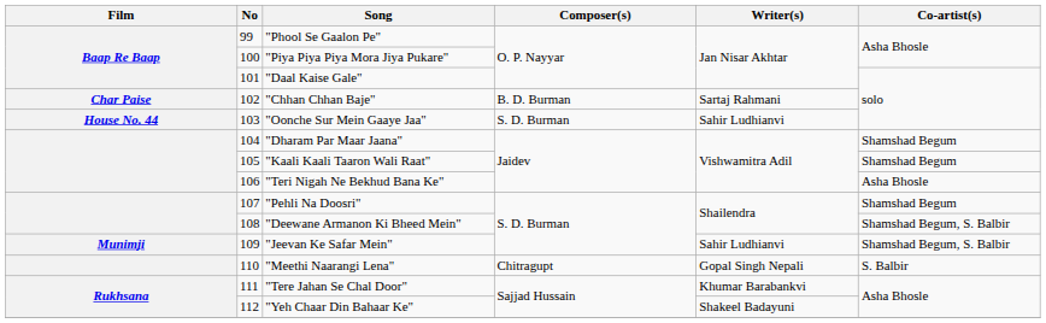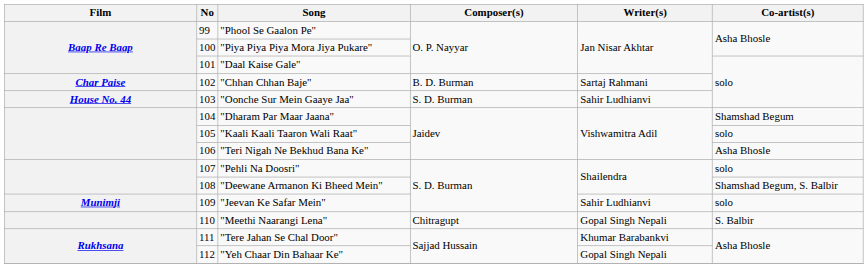 <table class="wikitable plainrowheaders" width="100%" textcolor:#000;">
 <tr style="background:#b0e0e66;">
 <th scope="col" width=23%><strong>Film</strong></th>
 <th><strong>No</strong></th>
 <th scope="col" width=23%><strong>Song</strong></th>
 <th scope="col" width=20%><strong>Composer(s)</strong></th>
 <th scope="col" width=16%><strong>Writer(s)</strong></th>
 <th scope="col" width=18%><strong>Co-artist(s)</strong></th>
 </tr>
 <tr>
 <th rowspan=3><em><a href='#'>Baap Re Baap</a></em></th>
 <td>99</td>
 <td>"Phool Se Gaalon Pe"</td>
 <td rowspan=3>O. P. Nayyar</td>
 <td rowspan=3>Jan Nisar Akhtar</td>
 <td rowspan=2>Asha Bhosle</td>
 </tr>
 <tr>
 <td>100</td>
 <td>"Piya Piya Piya Mora Jiya Pukare"</td>
 </tr>
 <tr>
 <td>101</td>
 <td>"Daal Kaise Gale"</td>
 <td rowspan=3>solo</td>
 </tr>
 <tr>
 <th><em><a href='#'>Char Paise</a></em></th>
 <td>102</td>
 <td>"Chhan Chhan Baje"</td>
 <td>B. D. Burman</td>
 <td>Sartaj Rahmani</td>
 </tr>
 <tr>
 <th><em><a href='#'>House No. 44</a></em></th>
 <td>103</td>
 <td>"Oonche Sur Mein Gaaye Jaa"</td>
 <td>S. D. Burman</td>
 <td>Sahir Ludhianvi</td>
 </tr>
 <tr>
 <th rowspan=3><em></em></th>
 <td>104</td>
 <td>"Dharam Par Maar Jaana"</td>
 <td rowspan=3>Jaidev</td>
 <td rowspan=3>Vishwamitra Adil</td>
 <td>Shamshad Begum</td>
 </tr>
 <tr>
 <td>105</td>
 <td>"Kaali Kaali Taaron Wali Raat"</td>
-<td>Shamshad Begum</td>
+<td>solo</td>
 </tr>
 <tr>
 <td>106</td>
 <td>"Teri Nigah Ne Bekhud Bana Ke"</td>
 <td>Asha Bhosle</td>
 </tr>
 <tr>
 <th rowspan=2><em></em></th>
 <td>107</td>
 <td>"Pehli Na Doosri"</td>
 <td rowspan=3>S. D. Burman</td>
 <td rowspan=2>Shailendra</td>
-<td>Shamshad Begum</td>
+<td>solo</td>
 </tr>
 <tr>
 <td>108</td>
 <td>"Deewane Armanon Ki Bheed Mein"</td>
 <td>Shamshad Begum, S. Balbir</td>
 </tr>
 <tr>
 <th><em><a href='#'>Munimji</a></em></th>
 <td>109</td>
 <td>"Jeevan Ke Safar Mein"</td>
 <td>Sahir Ludhianvi</td>
-<td>Shamshad Begum, S. Balbir</td>
+<td>solo</td>
 </tr>
 <tr>
 <th><em></em></th>
 <td>110</td>
 <td>"Meethi Naarangi Lena"</td>
 <td>Chitragupt</td>
 <td>Gopal Singh Nepali</td>
 <td>S. Balbir</td>
 </tr>
 <tr>
 <th rowspan=2><em><a href='#'>Rukhsana</a></em></th>
 <td>111</td>
 <td>"Tere Jahan Se Chal Door"</td>
 <td rowspan=2>Sajjad Hussain</td>
 <td>Khumar Barabankvi</td>
 <td rowspan=2>Asha Bhosle</td>
 </tr>
 <tr>
 <td>112</td>
 <td>"Yeh Chaar Din Bahaar Ke"</td>
-<td>Shakeel Badayuni</td>
+<td>Gopal Singh Nepali</td>
 </tr>
 <tr>
 </tr>
 </table>
